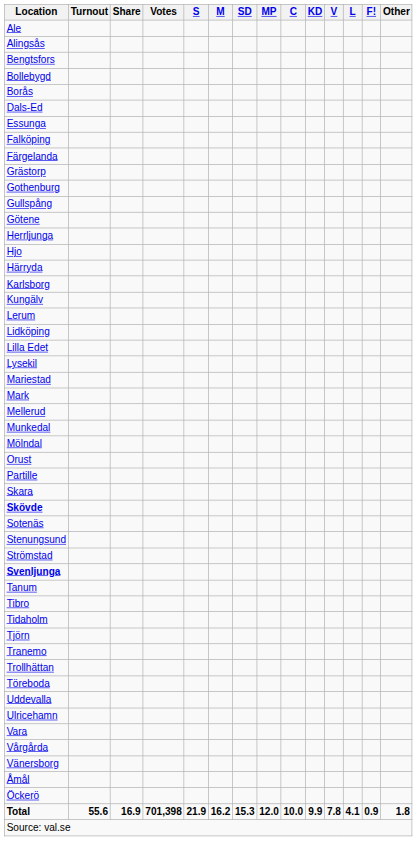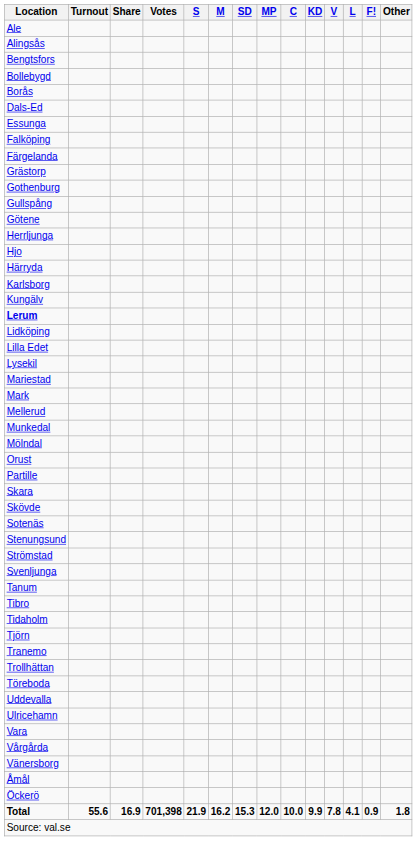 <table class="wikitable sortable" style=text-align:right>
 <tr>
 <th>Location</th>
 <th>Turnout</th>
 <th>Share</th>
 <th>Votes</th>
 <th><a href='#'>S</a></th>
 <th><a href='#'>M</a></th>
 <th><a href='#'>SD</a></th>
 <th><a href='#'>MP</a></th>
 <th><a href='#'>C</a></th>
 <th><a href='#'>KD</a></th>
 <th><a href='#'>V</a></th>
 <th><a href='#'>L</a></th>
 <th><a href='#'>F!</a></th>
 <th>Other</th>
 </tr>
 <tr>
 <td align=left><a href='#'>Ale</a></td>
 <td></td>
 <td></td>
 <td></td>
 <td></td>
 <td></td>
 <td></td>
 <td></td>
 <td></td>
 <td></td>
 <td></td>
 <td></td>
 <td></td>
 <td></td>
 </tr>
 <tr>
 <td align=left><a href='#'>Alingsås</a></td>
 <td></td>
 <td></td>
 <td></td>
 <td></td>
 <td></td>
 <td></td>
 <td></td>
 <td></td>
 <td></td>
 <td></td>
 <td></td>
 <td></td>
 <td></td>
 </tr>
 <tr>
 <td align=left><a href='#'>Bengtsfors</a></td>
 <td></td>
 <td></td>
 <td></td>
 <td></td>
 <td></td>
 <td></td>
 <td></td>
 <td></td>
 <td></td>
 <td></td>
 <td></td>
 <td></td>
 <td></td>
 </tr>
 <tr>
 <td align=left><a href='#'>Bollebygd</a></td>
 <td></td>
 <td></td>
 <td></td>
 <td></td>
 <td></td>
 <td></td>
 <td></td>
 <td></td>
 <td></td>
 <td></td>
 <td></td>
 <td></td>
 <td></td>
 </tr>
 <tr>
 <td align=left><a href='#'>Borås</a></td>
 <td></td>
 <td></td>
 <td></td>
 <td></td>
 <td></td>
 <td></td>
 <td></td>
 <td></td>
 <td></td>
 <td></td>
 <td></td>
 <td></td>
 <td></td>
 </tr>
 <tr>
 <td align=left><a href='#'>Dals-Ed</a></td>
 <td></td>
 <td></td>
 <td></td>
 <td></td>
 <td></td>
 <td></td>
 <td></td>
 <td></td>
 <td></td>
 <td></td>
 <td></td>
 <td></td>
 <td></td>
 </tr>
 <tr>
 <td align=left><a href='#'>Essunga</a></td>
 <td></td>
 <td></td>
 <td></td>
 <td></td>
 <td></td>
 <td></td>
 <td></td>
 <td></td>
 <td></td>
 <td></td>
 <td></td>
 <td></td>
 <td></td>
 </tr>
 <tr>
 <td align=left><a href='#'>Falköping</a></td>
 <td></td>
 <td></td>
 <td></td>
 <td></td>
 <td></td>
 <td></td>
 <td></td>
 <td></td>
 <td></td>
 <td></td>
 <td></td>
 <td></td>
 <td></td>
 </tr>
 <tr>
 <td align=left><a href='#'>Färgelanda</a></td>
 <td></td>
 <td></td>
 <td></td>
 <td></td>
 <td></td>
 <td></td>
 <td></td>
 <td></td>
 <td></td>
 <td></td>
 <td></td>
 <td></td>
 <td></td>
 </tr>
 <tr>
 <td align=left><a href='#'>Grästorp</a></td>
 <td></td>
 <td></td>
 <td></td>
 <td></td>
 <td></td>
 <td></td>
 <td></td>
 <td></td>
 <td></td>
 <td></td>
 <td></td>
 <td></td>
 <td></td>
 </tr>
 <tr>
 <td align=left><a href='#'>Gothenburg</a></td>
 <td></td>
 <td></td>
 <td></td>
 <td></td>
 <td></td>
 <td></td>
 <td></td>
 <td></td>
 <td></td>
 <td></td>
 <td></td>
 <td></td>
 <td></td>
 </tr>
 <tr>
 <td align=left><a href='#'>Gullspång</a></td>
 <td></td>
 <td></td>
 <td></td>
 <td></td>
 <td></td>
 <td></td>
 <td></td>
 <td></td>
 <td></td>
 <td></td>
 <td></td>
 <td></td>
 <td></td>
 </tr>
 <tr>
 <td align=left><a href='#'>Götene</a></td>
 <td></td>
 <td></td>
 <td></td>
 <td></td>
 <td></td>
 <td></td>
 <td></td>
 <td></td>
 <td></td>
 <td></td>
 <td></td>
 <td></td>
 <td></td>
 </tr>
 <tr>
 <td align=left><a href='#'>Herrljunga</a></td>
 <td></td>
 <td></td>
 <td></td>
 <td></td>
 <td></td>
 <td></td>
 <td></td>
 <td></td>
 <td></td>
 <td></td>
 <td></td>
 <td></td>
 <td></td>
 </tr>
 <tr>
 <td align=left><a href='#'>Hjo</a></td>
 <td></td>
 <td></td>
 <td></td>
 <td></td>
 <td></td>
 <td></td>
 <td></td>
 <td></td>
 <td></td>
 <td></td>
 <td></td>
 <td></td>
 <td></td>
 </tr>
 <tr>
 <td align=left><a href='#'>Härryda</a></td>
 <td></td>
 <td></td>
 <td></td>
 <td></td>
 <td></td>
 <td></td>
 <td></td>
 <td></td>
 <td></td>
 <td></td>
 <td></td>
 <td></td>
 <td></td>
 </tr>
 <tr>
 <td align=left><a href='#'>Karlsborg</a></td>
 <td></td>
 <td></td>
 <td></td>
 <td></td>
 <td></td>
 <td></td>
 <td></td>
 <td></td>
 <td></td>
 <td></td>
 <td></td>
 <td></td>
 <td></td>
 </tr>
 <tr>
 <td align=left><a href='#'>Kungälv</a></td>
 <td></td>
 <td></td>
 <td></td>
 <td></td>
 <td></td>
 <td></td>
 <td></td>
 <td></td>
 <td></td>
 <td></td>
 <td></td>
 <td></td>
 <td></td>
 </tr>
 <tr>
-<td align=left><a href='#'>Lerum</a></td>
+<td align=left><strong><a href='#'>Lerum</a></strong></td>
 <td></td>
 <td></td>
 <td></td>
 <td></td>
 <td></td>
 <td></td>
 <td></td>
 <td></td>
 <td></td>
 <td></td>
 <td></td>
 <td></td>
 <td></td>
 </tr>
 <tr>
 <td align=left><a href='#'>Lidköping</a></td>
 <td></td>
 <td></td>
 <td></td>
 <td></td>
 <td></td>
 <td></td>
 <td></td>
 <td></td>
 <td></td>
 <td></td>
 <td></td>
 <td></td>
 <td></td>
 </tr>
 <tr>
 <td align=left><a href='#'>Lilla Edet</a></td>
 <td></td>
 <td></td>
 <td></td>
 <td></td>
 <td></td>
 <td></td>
 <td></td>
 <td></td>
 <td></td>
 <td></td>
 <td></td>
 <td></td>
 <td></td>
 </tr>
 <tr>
 <td align=left><a href='#'>Lysekil</a></td>
 <td></td>
 <td></td>
 <td></td>
 <td></td>
 <td></td>
 <td></td>
 <td></td>
 <td></td>
 <td></td>
 <td></td>
 <td></td>
 <td></td>
 <td></td>
 </tr>
 <tr>
 <td align=left><a href='#'>Mariestad</a></td>
 <td></td>
 <td></td>
 <td></td>
 <td></td>
 <td></td>
 <td></td>
 <td></td>
 <td></td>
 <td></td>
 <td></td>
 <td></td>
 <td></td>
 <td></td>
 </tr>
 <tr>
 <td align=left><a href='#'>Mark</a></td>
 <td></td>
 <td></td>
 <td></td>
 <td></td>
 <td></td>
 <td></td>
 <td></td>
 <td></td>
 <td></td>
 <td></td>
 <td></td>
 <td></td>
 <td></td>
 </tr>
 <tr>
 <td align=left><a href='#'>Mellerud</a></td>
 <td></td>
 <td></td>
 <td></td>
 <td></td>
 <td></td>
 <td></td>
 <td></td>
 <td></td>
 <td></td>
 <td></td>
 <td></td>
 <td></td>
 <td></td>
 </tr>
 <tr>
 <td align=left><a href='#'>Munkedal</a></td>
 <td></td>
 <td></td>
 <td></td>
 <td></td>
 <td></td>
 <td></td>
 <td></td>
 <td></td>
 <td></td>
 <td></td>
 <td></td>
 <td></td>
 <td></td>
 </tr>
 <tr>
 <td align=left><a href='#'>Mölndal</a></td>
 <td></td>
 <td></td>
 <td></td>
 <td></td>
 <td></td>
 <td></td>
 <td></td>
 <td></td>
 <td></td>
 <td></td>
 <td></td>
 <td></td>
 <td></td>
 </tr>
 <tr>
 <td align=left><a href='#'>Orust</a></td>
 <td></td>
 <td></td>
 <td></td>
 <td></td>
 <td></td>
 <td></td>
 <td></td>
 <td></td>
 <td></td>
 <td></td>
 <td></td>
 <td></td>
 <td></td>
 </tr>
 <tr>
 <td align=left><a href='#'>Partille</a></td>
 <td></td>
 <td></td>
 <td></td>
 <td></td>
 <td></td>
 <td></td>
 <td></td>
 <td></td>
 <td></td>
 <td></td>
 <td></td>
 <td></td>
 <td></td>
 </tr>
 <tr>
 <td align=left><a href='#'>Skara</a></td>
 <td></td>
 <td></td>
 <td></td>
 <td></td>
 <td></td>
 <td></td>
 <td></td>
 <td></td>
 <td></td>
 <td></td>
 <td></td>
 <td></td>
 <td></td>
 </tr>
 <tr>
-<td align=left><strong><a href='#'>Skövde</a></strong></td>
+<td align=left><a href='#'>Skövde</a></td>
 <td></td>
 <td></td>
 <td></td>
 <td></td>
 <td></td>
 <td></td>
 <td></td>
 <td></td>
 <td></td>
 <td></td>
 <td></td>
 <td></td>
 <td></td>
 </tr>
 <tr>
 <td align=left><a href='#'>Sotenäs</a></td>
 <td></td>
 <td></td>
 <td></td>
 <td></td>
 <td></td>
 <td></td>
 <td></td>
 <td></td>
 <td></td>
 <td></td>
 <td></td>
 <td></td>
 <td></td>
 </tr>
 <tr>
 <td align=left><a href='#'>Stenungsund</a></td>
 <td></td>
 <td></td>
 <td></td>
 <td></td>
 <td></td>
 <td></td>
 <td></td>
 <td></td>
 <td></td>
 <td></td>
 <td></td>
 <td></td>
 <td></td>
 </tr>
 <tr>
 <td align=left><a href='#'>Strömstad</a></td>
 <td></td>
 <td></td>
 <td></td>
 <td></td>
 <td></td>
 <td></td>
 <td></td>
 <td></td>
 <td></td>
 <td></td>
 <td></td>
 <td></td>
 <td></td>
 </tr>
 <tr>
-<td align=left><strong><a href='#'>Svenljunga</a></strong></td>
+<td align=left><a href='#'>Svenljunga</a></td>
 <td></td>
 <td></td>
 <td></td>
 <td></td>
 <td></td>
 <td></td>
 <td></td>
 <td></td>
 <td></td>
 <td></td>
 <td></td>
 <td></td>
 <td></td>
 </tr>
 <tr>
 <td align=left><a href='#'>Tanum</a></td>
 <td></td>
 <td></td>
 <td></td>
 <td></td>
 <td></td>
 <td></td>
 <td></td>
 <td></td>
 <td></td>
 <td></td>
 <td></td>
 <td></td>
 <td></td>
 </tr>
 <tr>
 <td align=left><a href='#'>Tibro</a></td>
 <td></td>
 <td></td>
 <td></td>
 <td></td>
 <td></td>
 <td></td>
 <td></td>
 <td></td>
 <td></td>
 <td></td>
 <td></td>
 <td></td>
 <td></td>
 </tr>
 <tr>
 <td align=left><a href='#'>Tidaholm</a></td>
 <td></td>
 <td></td>
 <td></td>
 <td></td>
 <td></td>
 <td></td>
 <td></td>
 <td></td>
 <td></td>
 <td></td>
 <td></td>
 <td></td>
 <td></td>
 </tr>
 <tr>
 <td align=left><a href='#'>Tjörn</a></td>
 <td></td>
 <td></td>
 <td></td>
 <td></td>
 <td></td>
 <td></td>
 <td></td>
 <td></td>
 <td></td>
 <td></td>
 <td></td>
 <td></td>
 <td></td>
 </tr>
 <tr>
 <td align=left><a href='#'>Tranemo</a></td>
 <td></td>
 <td></td>
 <td></td>
 <td></td>
 <td></td>
 <td></td>
 <td></td>
 <td></td>
 <td></td>
 <td></td>
 <td></td>
 <td></td>
 <td></td>
 </tr>
 <tr>
 <td align=left><a href='#'>Trollhättan</a></td>
 <td></td>
 <td></td>
 <td></td>
 <td></td>
 <td></td>
 <td></td>
 <td></td>
 <td></td>
 <td></td>
 <td></td>
 <td></td>
 <td></td>
 <td></td>
 </tr>
 <tr>
 <td align=left><a href='#'>Töreboda</a></td>
 <td></td>
 <td></td>
 <td></td>
 <td></td>
 <td></td>
 <td></td>
 <td></td>
 <td></td>
 <td></td>
 <td></td>
 <td></td>
 <td></td>
 <td></td>
 </tr>
 <tr>
 <td align=left><a href='#'>Uddevalla</a></td>
 <td></td>
 <td></td>
 <td></td>
 <td></td>
 <td></td>
 <td></td>
 <td></td>
 <td></td>
 <td></td>
 <td></td>
 <td></td>
 <td></td>
 <td></td>
 </tr>
 <tr>
 <td align=left><a href='#'>Ulricehamn</a></td>
 <td></td>
 <td></td>
 <td></td>
 <td></td>
 <td></td>
 <td></td>
 <td></td>
 <td></td>
 <td></td>
 <td></td>
 <td></td>
 <td></td>
 <td></td>
 </tr>
 <tr>
 <td align=left><a href='#'>Vara</a></td>
 <td></td>
 <td></td>
 <td></td>
 <td></td>
 <td></td>
 <td></td>
 <td></td>
 <td></td>
 <td></td>
 <td></td>
 <td></td>
 <td></td>
 <td></td>
 </tr>
 <tr>
 <td align=left><a href='#'>Vårgårda</a></td>
 <td></td>
 <td></td>
 <td></td>
 <td></td>
 <td></td>
 <td></td>
 <td></td>
 <td></td>
 <td></td>
 <td></td>
 <td></td>
 <td></td>
 <td></td>
 </tr>
 <tr>
 <td align=left><a href='#'>Vänersborg</a></td>
 <td></td>
 <td></td>
 <td></td>
 <td></td>
 <td></td>
 <td></td>
 <td></td>
 <td></td>
 <td></td>
 <td></td>
 <td></td>
 <td></td>
 <td></td>
 </tr>
 <tr>
 <td align=left><a href='#'>Åmål</a></td>
 <td></td>
 <td></td>
 <td></td>
 <td></td>
 <td></td>
 <td></td>
 <td></td>
 <td></td>
 <td></td>
 <td></td>
 <td></td>
 <td></td>
 <td></td>
 </tr>
 <tr>
 <td align=left><a href='#'>Öckerö</a></td>
 <td></td>
 <td></td>
 <td></td>
 <td></td>
 <td></td>
 <td></td>
 <td></td>
 <td></td>
 <td></td>
 <td></td>
 <td></td>
 <td></td>
 <td></td>
 </tr>
 <tr>
 <td align=left><strong>Total</strong></td>
 <td><strong>55.6</strong></td>
 <td><strong>16.9</strong></td>
 <td><strong>701,398</strong></td>
 <td><strong>21.9</strong></td>
 <td><strong>16.2</strong></td>
 <td><strong>15.3</strong></td>
 <td><strong>12.0</strong></td>
 <td><strong>10.0</strong></td>
 <td><strong>9.9</strong></td>
 <td><strong>7.8</strong></td>
 <td><strong>4.1</strong></td>
 <td><strong>0.9</strong></td>
 <td><strong>1.8</strong></td>
 </tr>
 <tr>
 <td align=left colspan=14>Source: val.se </td>
 </tr>
 </table>
